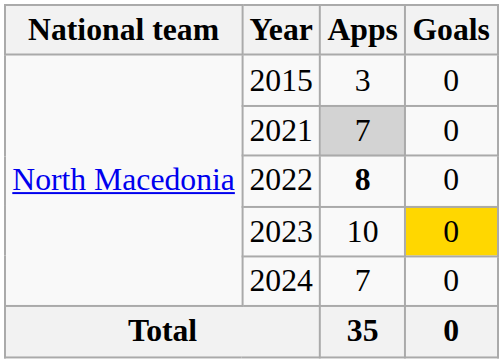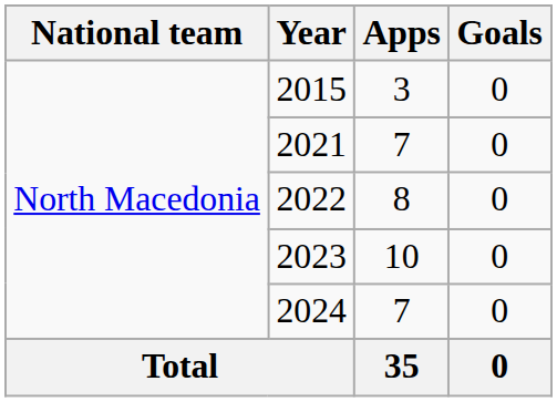 <table class="wikitable" style="text-align:center">
 <tr>
 <th>National team</th>
 <th>Year</th>
 <th>Apps</th>
 <th>Goals</th>
 </tr>
 <tr>
 <td rowspan="5"><a href='#'>North Macedonia</a></td>
 <td>2015</td>
 <td>3</td>
 <td>0</td>
 </tr>
 <tr>
 <td>2021</td>
-<td style="background: lightgrey;">7</td>
+<td>7</td>
 <td>0</td>
 </tr>
 <tr>
 <td>2022</td>
-<td><strong>8</strong></td>
+<td>8</td>
 <td>0</td>
 </tr>
 <tr>
 <td>2023</td>
 <td>10</td>
-<td style="background: gold;">0</td>
+<td>0</td>
 </tr>
 <tr>
 <td>2024</td>
 <td>7</td>
 <td>0</td>
 </tr>
 <tr>
 <th colspan="2">Total</th>
 <th>35</th>
 <th>0</th>
 </tr>
 </table>
